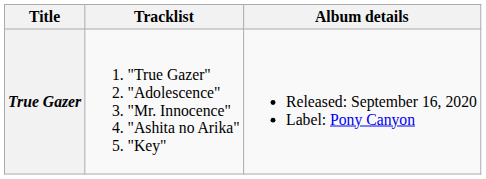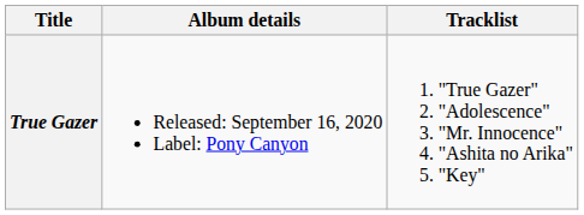 <table class="wikitable plainrowheaders">
 <tr>
 <th>Title</th>
+<th>Album details</th>
 <th>Tracklist</th>
-<th>Album details</th>
 </tr>
 <tr>
 <th scope="row"><em>True Gazer</em></th>
+<td><br><ul><li>Released: September 16, 2020</li><li>Label: <a href='#'>Pony Canyon</a></li></ul></td>
 <td><br><ol><li>"True Gazer"</li><li>"Adolescence"</li><li>"Mr. Innocence"</li><li>"Ashita no Arika"</li><li>"Key"</li></ol></td>
-<td><br><ul><li>Released: September 16, 2020</li><li>Label: <a href='#'>Pony Canyon</a></li></ul></td>
 </tr>
 </table>
